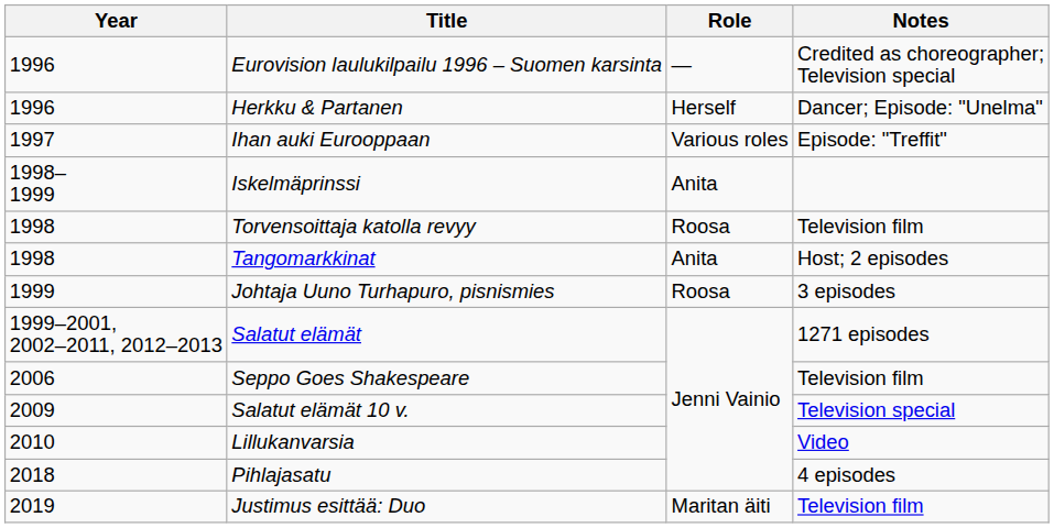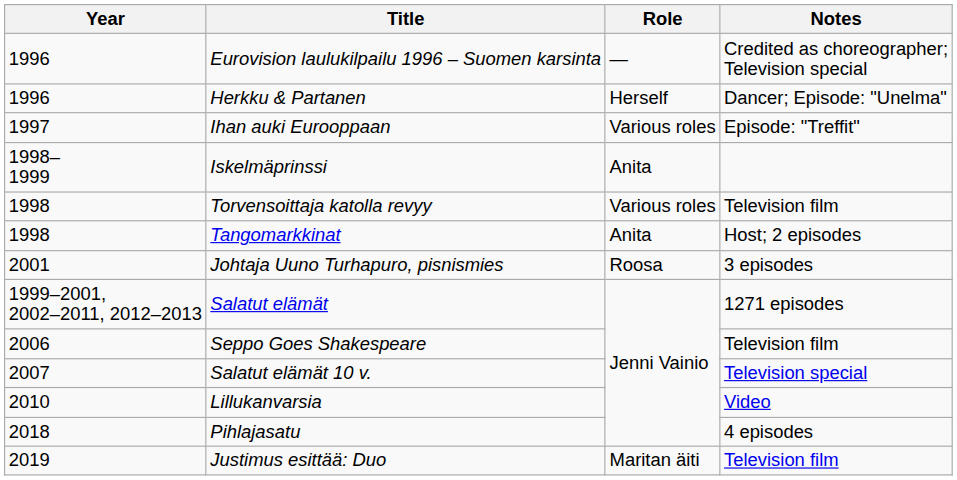 <table class="wikitable">
 <tr>
 <th>Year</th>
 <th>Title</th>
 <th>Role</th>
 <th>Notes</th>
 </tr>
 <tr>
 <td>1996</td>
 <td><em>Eurovision laulukilpailu 1996 – Suomen karsinta</em></td>
 <td>—</td>
 <td>Credited as choreographer;<br>Television special</td>
 </tr>
 <tr>
 <td>1996</td>
 <td><em>Herkku & Partanen</em></td>
 <td>Herself</td>
 <td>Dancer; Episode: "Unelma"</td>
 </tr>
 <tr>
 <td>1997</td>
 <td><em>Ihan auki Eurooppaan</em></td>
 <td>Various roles</td>
 <td>Episode: "Treffit"</td>
 </tr>
 <tr>
 <td>1998–<br>1999</td>
 <td><em>Iskelmäprinssi</em></td>
 <td>Anita</td>
 <td></td>
 </tr>
 <tr>
 <td>1998</td>
 <td><em>Torvensoittaja katolla revyy</em></td>
-<td>Roosa</td>
+<td>Various roles</td>
 <td>Television film</td>
 </tr>
 <tr>
 <td>1998</td>
 <td><em><a href='#'>Tangomarkkinat</a></em></td>
 <td>Anita</td>
 <td>Host; 2 episodes</td>
 </tr>
 <tr>
-<td>1999</td>
+<td>2001</td>
 <td><em>Johtaja Uuno Turhapuro, pisnismies</em></td>
 <td>Roosa</td>
 <td>3 episodes</td>
 </tr>
 <tr>
 <td>1999–2001,<br>2002–2011, 2012–2013</td>
 <td><em><a href='#'>Salatut elämät</a></em></td>
 <td rowspan="5">Jenni Vainio</td>
 <td>1271 episodes</td>
 </tr>
 <tr>
 <td>2006</td>
 <td><em>Seppo Goes Shakespeare</em></td>
 <td>Television film</td>
 </tr>
 <tr>
-<td>2009</td>
+<td>2007</td>
 <td><em>Salatut elämät 10 v.</em></td>
 <td><a href='#'>Television special</a></td>
 </tr>
 <tr>
 <td>2010</td>
 <td><em>Lillukanvarsia</em></td>
 <td><a href='#'>Video</a></td>
 </tr>
 <tr>
 <td>2018</td>
 <td><em>Pihlajasatu</em></td>
 <td>4 episodes</td>
 </tr>
 <tr>
 <td>2019</td>
 <td><em>Justimus esittää: Duo</em></td>
 <td>Maritan äiti</td>
 <td><a href='#'>Television film</a></td>
 </tr>
 </table>
